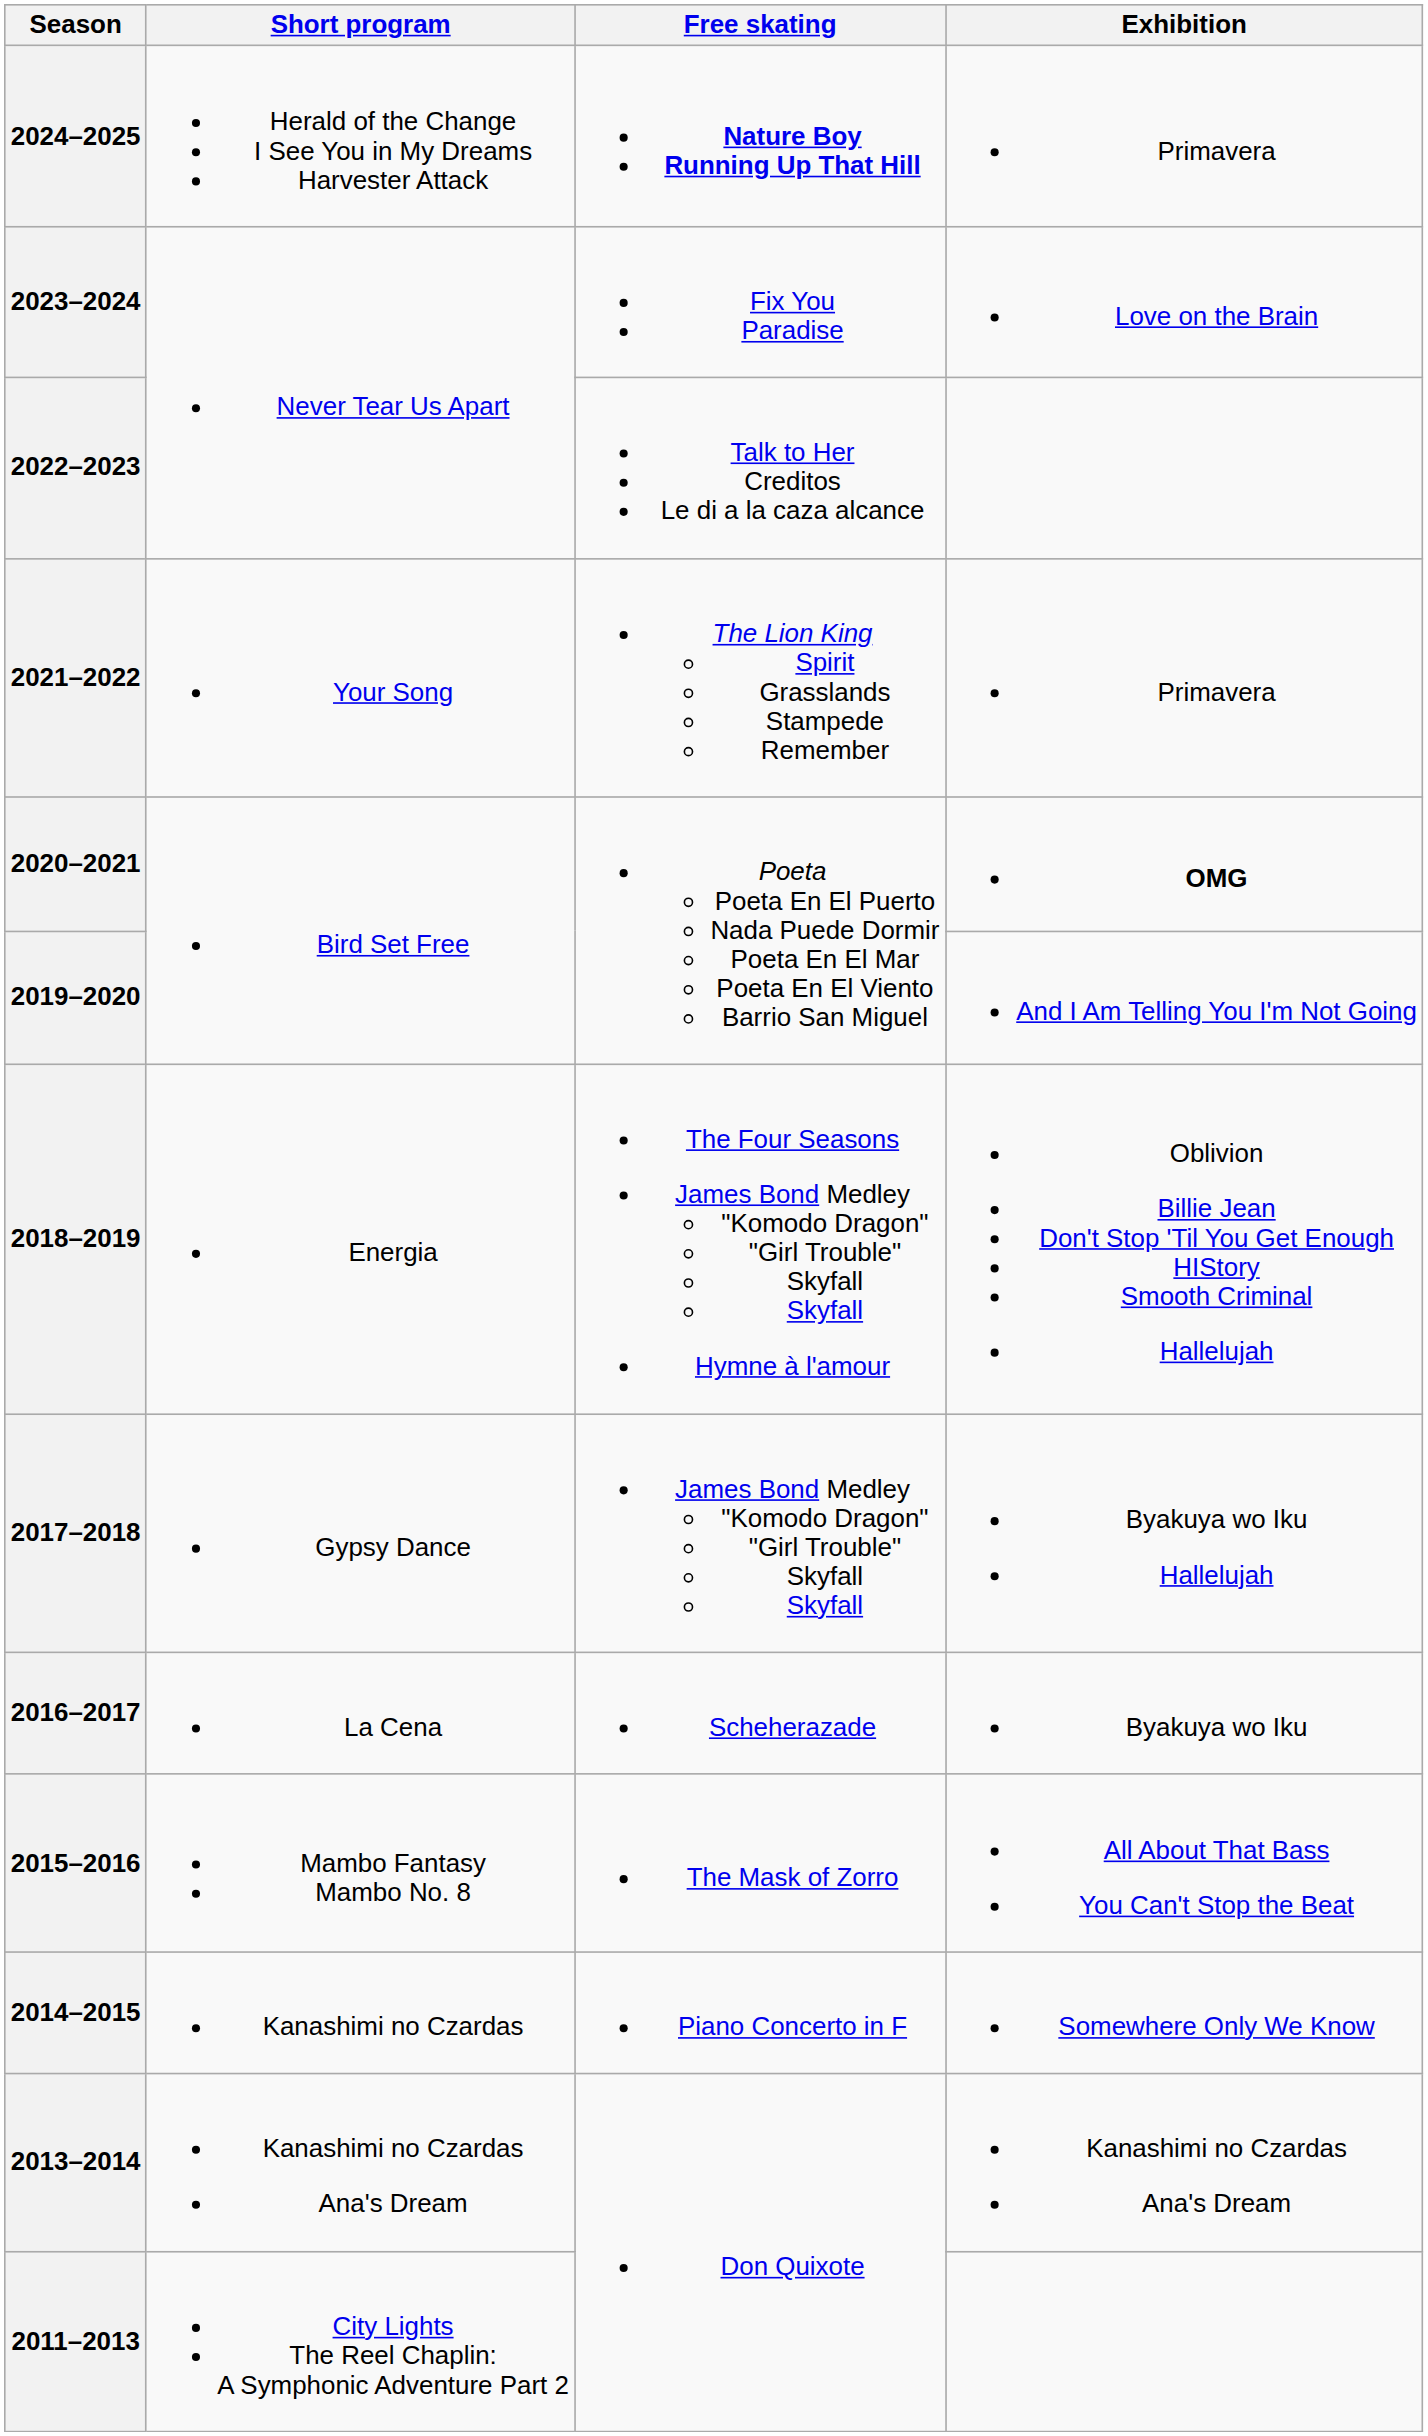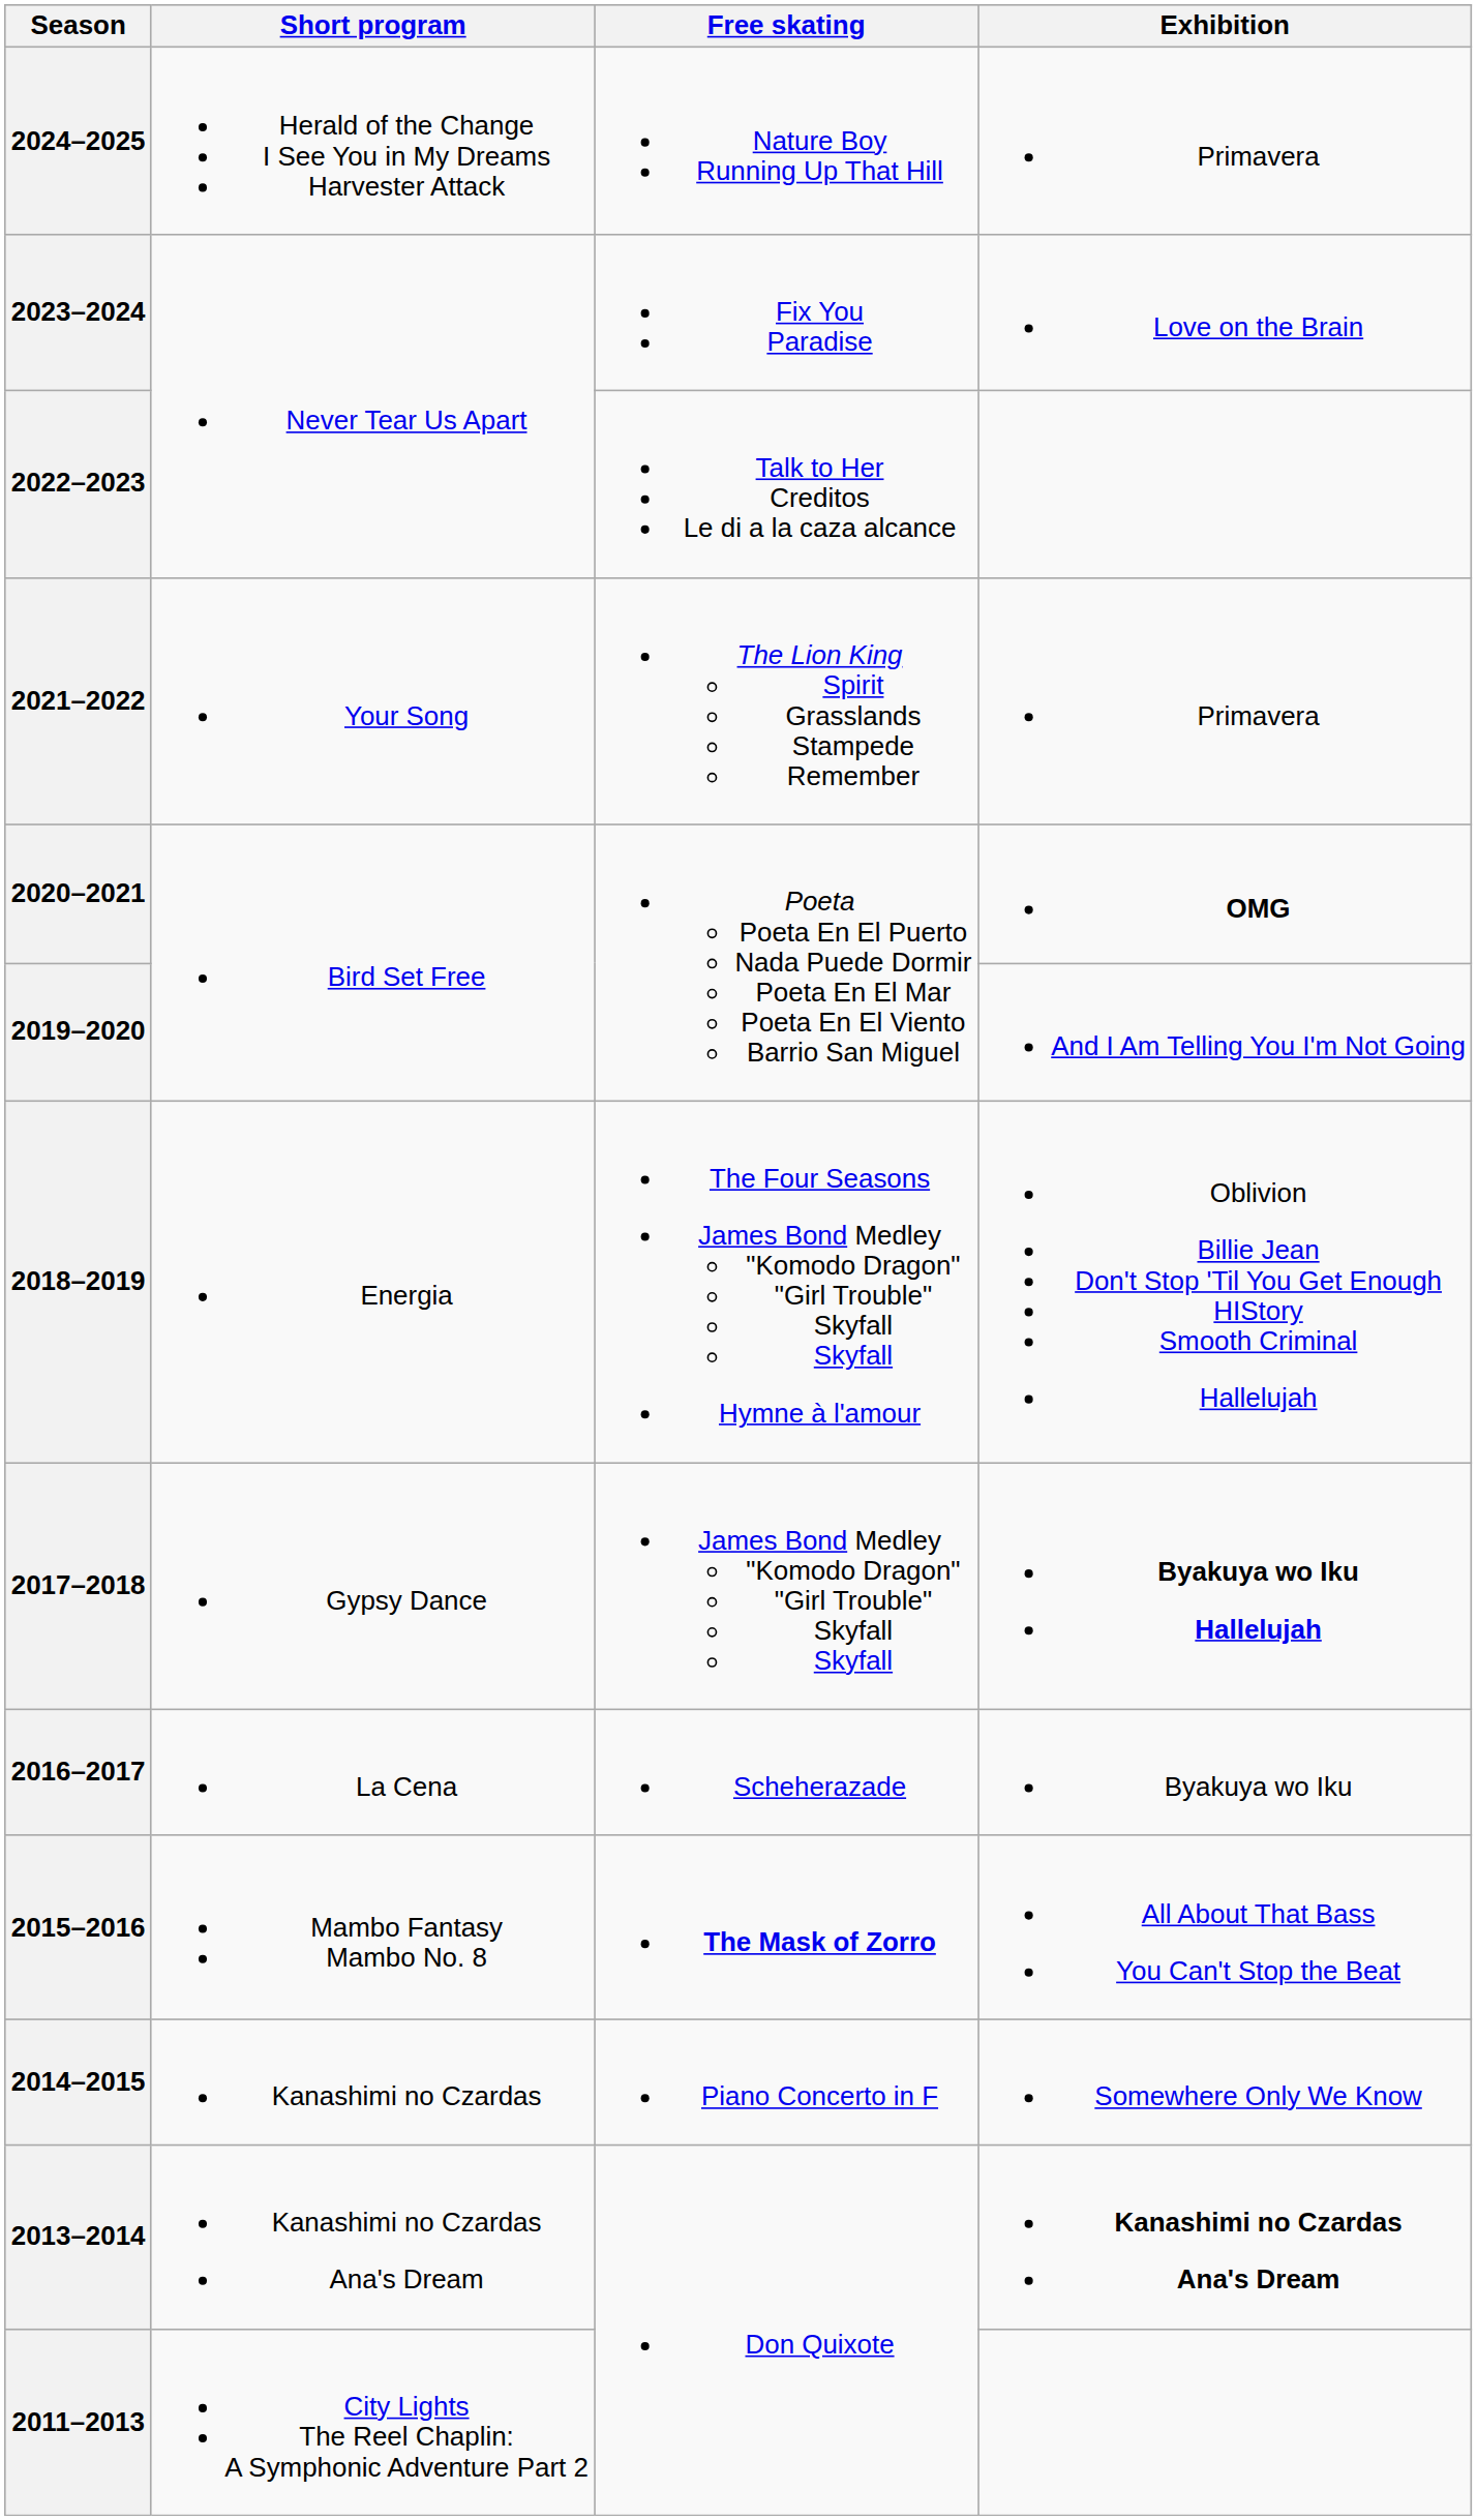 <table class=wikitable style=text-align:center>
 <tr>
 <th>Season</th>
 <th><a href='#'>Short program</a></th>
 <th><a href='#'>Free skating</a></th>
 <th>Exhibition</th>
 </tr>
 <tr>
 <th>2024–2025 <br> </th>
 <td><br><ul><li>Herald of the Change</li><li>I See You in My Dreams<br></li><li>Harvester Attack <br> </li></ul></td>
-<td><strong><br><ul><li><a href='#'>Nature Boy</a> <br></li><li><a href='#'>Running Up That Hill</a> <br></li></ul></strong></td>
+<td><br><ul><li><a href='#'>Nature Boy</a> <br></li><li><a href='#'>Running Up That Hill</a> <br></li></ul></td>
 <td><br><ul><li>Primavera <br></li></ul></td>
 </tr>
 <tr>
 <th>2023–2024 <br> </th>
 <td rowspan=2><br><ul><li><a href='#'>Never Tear Us Apart</a><br> </li></ul></td>
 <td><br><ul><li><a href='#'>Fix You</a></li><li><a href='#'>Paradise</a> <br></li></ul></td>
 <td><br><ul><li><a href='#'>Love on the Brain</a><br> </li></ul></td>
 </tr>
 <tr>
 <th>2022–2023<br></th>
 <td><br><ul><li><a href='#'>Talk to Her</a></li><li>Creditos<br></li><li>Le di a la caza alcance <br></li></ul></td>
 <td></td>
 </tr>
 <tr>
 <th>2021–2022<br></th>
 <td><br><ul><li><a href='#'>Your Song</a><br></li></ul></td>
 <td><br><ul><li><em><a href='#'>The Lion King</a></em><ul><li><a href='#'>Spirit</a><br></li><li>Grasslands</li><li>Stampede</li><li>Remember<br></li></ul></li></ul></td>
 <td><br><ul><li>Primavera <br></li></ul></td>
 </tr>
 <tr>
 <th>2020–2021<br></th>
 <td rowspan="2"><br><ul><li><a href='#'>Bird Set Free</a><br></li></ul></td>
 <td rowspan="2"><br><ul><li><em>Poeta</em><ul><li>Poeta En El Puerto</li><li>Nada Puede Dormir</li><li>Poeta En El Mar</li><li>Poeta En El Viento<br></li><li>Barrio San Miguel<br></li></ul></li></ul></td>
 <td><strong><br><ul><li>OMG<br></li></ul></strong></td>
 </tr>
 <tr>
 <th>2019–2020 <br></th>
 <td><br><ul><li><a href='#'>And I Am Telling You I'm Not Going</a> <br></li></ul></td>
 </tr>
 <tr>
 <th>2018–2019 <br> </th>
 <td><br><ul><li>Energia<br></li></ul></td>
 <td><br><ul><li><a href='#'>The Four Seasons</a><br></li></ul><ul><li><a href='#'>James Bond</a> Medley<ul><li>"Komodo Dragon"<br></li><li>"Girl Trouble"<br></li><li>Skyfall<br><small></small></li><li><a href='#'>Skyfall</a><br></li></ul></li></ul><ul><li><a href='#'>Hymne à l'amour</a><br><small></small></li></ul></td>
 <td><br><ul><li>Oblivion<small><br></small><small></small></li></ul><ul><li><a href='#'>Billie Jean</a></li><li><a href='#'>Don't Stop 'Til You Get Enough</a></li><li><a href='#'>HIStory</a></li><li><a href='#'>Smooth Criminal</a> <br></li></ul><ul><li><a href='#'>Hallelujah</a> <small><br></small></li></ul></td>
 </tr>
 <tr>
 <th>2017–2018 <br> </th>
 <td><br><ul><li>Gypsy Dance<br></li></ul></td>
 <td><br><ul><li><a href='#'>James Bond</a> Medley<ul><li>"Komodo Dragon"<br><small></small></li><li>"Girl Trouble"<br><small></small></li><li>Skyfall<br></li><li><a href='#'>Skyfall</a> <br></li></ul></li></ul></td>
-<td><br><ul><li>Byakuya wo Iku <small><br></small><small></small></li></ul><ul><li><a href='#'>Hallelujah</a> <br><small></small></li></ul></td>
+<td><strong><br><ul><li>Byakuya wo Iku <small><br></small><small></small></li></ul><ul><li><a href='#'>Hallelujah</a> <br><small></small></li></ul></strong></td>
 </tr>
 <tr>
 <th>2016–2017 <br> </th>
 <td><br><ul><li>La Cena <br></li></ul></td>
 <td><br><ul><li><a href='#'>Scheherazade</a><br></li></ul></td>
 <td><br><ul><li>Byakuya wo Iku <br></li></ul></td>
 </tr>
 <tr>
 <th>2015–2016 <br> </th>
 <td><br><ul><li>Mambo Fantasy <br></li><li>Mambo No. 8 <br></li></ul></td>
-<td><br><ul><li><a href='#'>The Mask of Zorro</a><br></li></ul></td>
+<td><strong><br><ul><li><a href='#'>The Mask of Zorro</a><br></li></ul></strong></td>
 <td><br><ul><li><a href='#'>All About That Bass</a> <br></li></ul><ul><li><a href='#'>You Can't Stop the Beat</a> <br></li></ul></td>
 </tr>
 <tr>
 <th>2014–2015 <br> </th>
 <td><br><ul><li>Kanashimi no Czardas <br></li></ul></td>
 <td><br><ul><li><a href='#'>Piano Concerto in F</a> <br></li></ul></td>
 <td><br><ul><li><a href='#'>Somewhere Only We Know</a> <br></li></ul></td>
 </tr>
 <tr>
 <th>2013–2014</th>
 <td><br><ul><li>Kanashimi no Czardas <br></li></ul><ul><li>Ana's Dream <br></li></ul></td>
 <td rowspan=2><br><ul><li><a href='#'>Don Quixote</a> <br></li></ul></td>
-<td><br><ul><li>Kanashimi no Czardas<br></li></ul><ul><li>Ana's Dream <br></li></ul></td>
+<td><strong><br><ul><li>Kanashimi no Czardas<br></li></ul><ul><li>Ana's Dream <br></li></ul></strong></td>
 </tr>
 <tr>
 <th>2011–2013</th>
 <td><br><ul><li><a href='#'>City Lights</a></li><li>The Reel Chaplin:<br> A Symphonic Adventure Part 2 <br> </li></ul></td>
 <td></td>
 </tr>
 </table>
